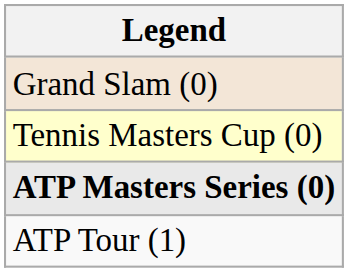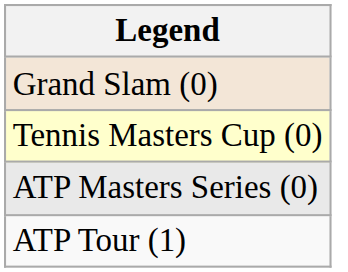 <table class="wikitable">
 <tr>
 <th>Legend</th>
 </tr>
 <tr bgcolor="#f3e6d7">
 <td>Grand Slam (0)</td>
 </tr>
 <tr bgcolor="ffffcc">
 <td>Tennis Masters Cup (0)</td>
 </tr>
 <tr bgcolor="#e9e9e9">
-<td><strong>ATP Masters Series (0)</strong></td>
+<td>ATP Masters Series (0)</td>
 </tr>
 <tr>
 <td>ATP Tour (1)</td>
 </tr>
 </table>
